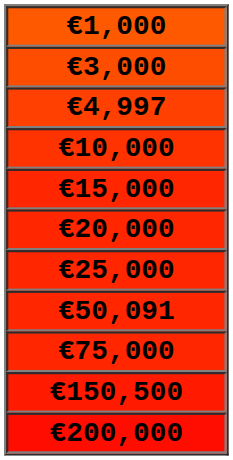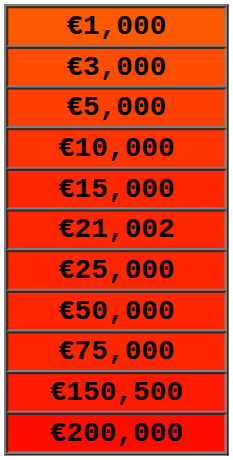 <table width="105" border="1" cellspacing="0" cellpadding="1" |->
 <tr>
 <td style="background:#ff5900; text-align:center;"><span><strong>€1,000</strong></span></td>
 </tr>
 <tr>
 <td style="background:#ff4d00; text-align:center;"><span><strong>€3,000</strong></span></td>
 </tr>
 <tr>
-<td style="background:#ff4000; text-align:center;"><span><strong>€4,997</strong></span></td>
+<td style="background:#ff4000; text-align:center;"><span><strong>€5,000</strong></span></td>
 </tr>
 <tr>
 <td style="background:#f30; text-align:center;"><span><strong>€10,000</strong></span></td>
 </tr>
 <tr>
 <td style="background:#ff2600; text-align:center;"><span><strong>€15,000</strong></span></td>
 </tr>
 <tr>
-<td style="background:#ff2600; text-align:center;"><span><strong>€20,000</strong></span></td>
+<td style="background:#ff2600; text-align:center;"><span><strong>€21,002</strong></span></td>
 </tr>
 <tr>
 <td style="background:#ff2600; text-align:center;"><span><strong>€25,000</strong></span></td>
 </tr>
 <tr>
-<td style="background:#ff2600; text-align:center;"><span><strong>€50,091</strong></span></td>
+<td style="background:#ff2600; text-align:center;"><span><strong>€50,000</strong></span></td>
 </tr>
 <tr>
 <td style="background:#ff2600; text-align:center;"><span><strong>€75,000</strong></span></td>
 </tr>
 <tr>
 <td style="background:#ff1a00; text-align:center;"><span><strong>€150,500</strong></span></td>
 </tr>
 <tr>
 <td style="background:#ff0d00; text-align:center;"><span><strong>€200,000</strong></span></td>
 </tr>
 </table>
